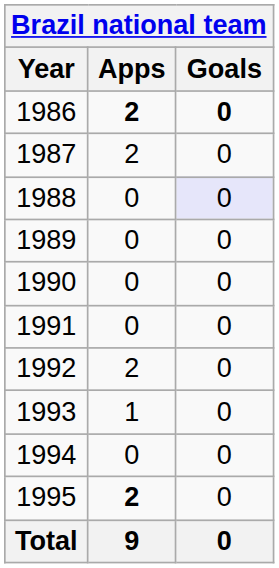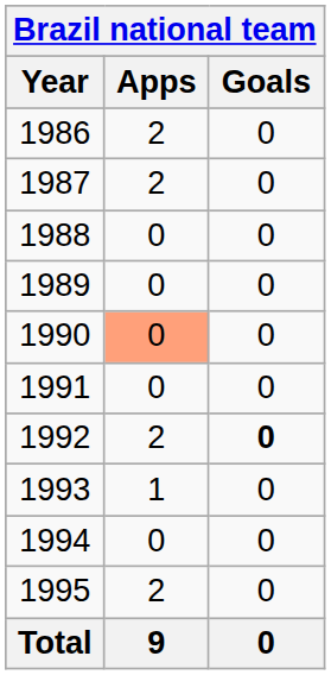 <table class="wikitable" style="text-align:center">
 <tr>
 <th colspan=3><a href='#'>Brazil national team</a></th>
 </tr>
 <tr>
 <th>Year</th>
 <th>Apps</th>
 <th>Goals</th>
 </tr>
 <tr>
 <td>1986</td>
-<td><strong>2</strong></td>
-<td><strong>0</strong></td>
+<td>2</td>
+<td>0</td>
 </tr>
 <tr>
 <td>1987</td>
 <td>2</td>
 <td>0</td>
 </tr>
 <tr>
 <td>1988</td>
 <td>0</td>
-<td style="background: lavender;">0</td>
+<td>0</td>
 </tr>
 <tr>
 <td>1989</td>
 <td>0</td>
 <td>0</td>
 </tr>
 <tr>
 <td>1990</td>
-<td>0</td>
+<td style="background: lightsalmon;">0</td>
 <td>0</td>
 </tr>
 <tr>
 <td>1991</td>
 <td>0</td>
 <td>0</td>
 </tr>
 <tr>
 <td>1992</td>
 <td>2</td>
-<td>0</td>
+<td><strong>0</strong></td>
 </tr>
 <tr>
 <td>1993</td>
 <td>1</td>
 <td>0</td>
 </tr>
 <tr>
 <td>1994</td>
 <td>0</td>
 <td>0</td>
 </tr>
 <tr>
 <td>1995</td>
-<td><strong>2</strong></td>
+<td>2</td>
 <td>0</td>
 </tr>
 <tr>
 <th>Total</th>
 <th>9</th>
 <th>0</th>
 </tr>
 </table>
